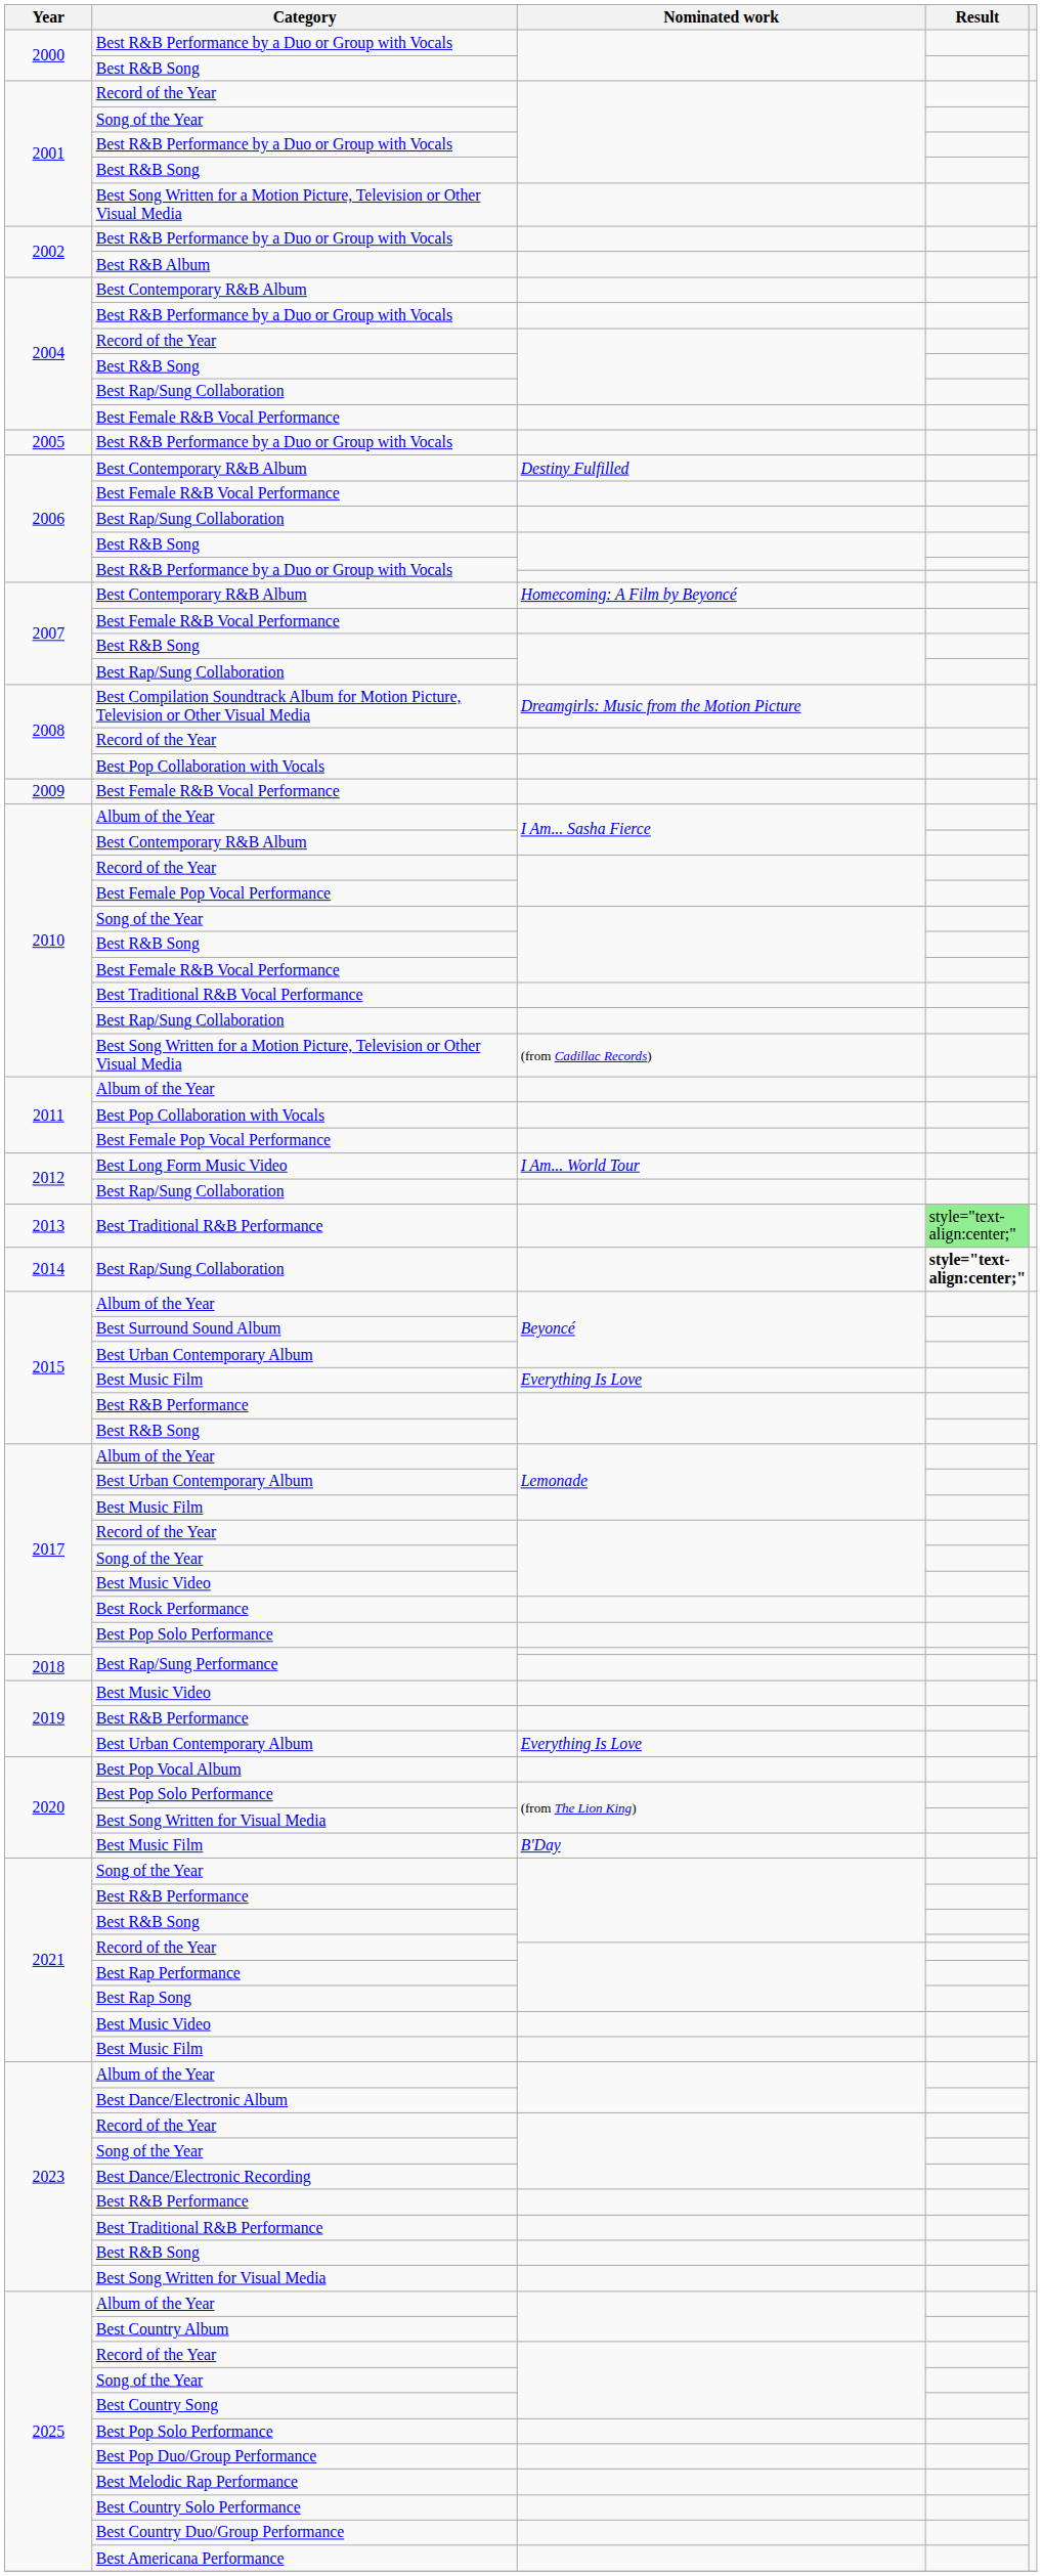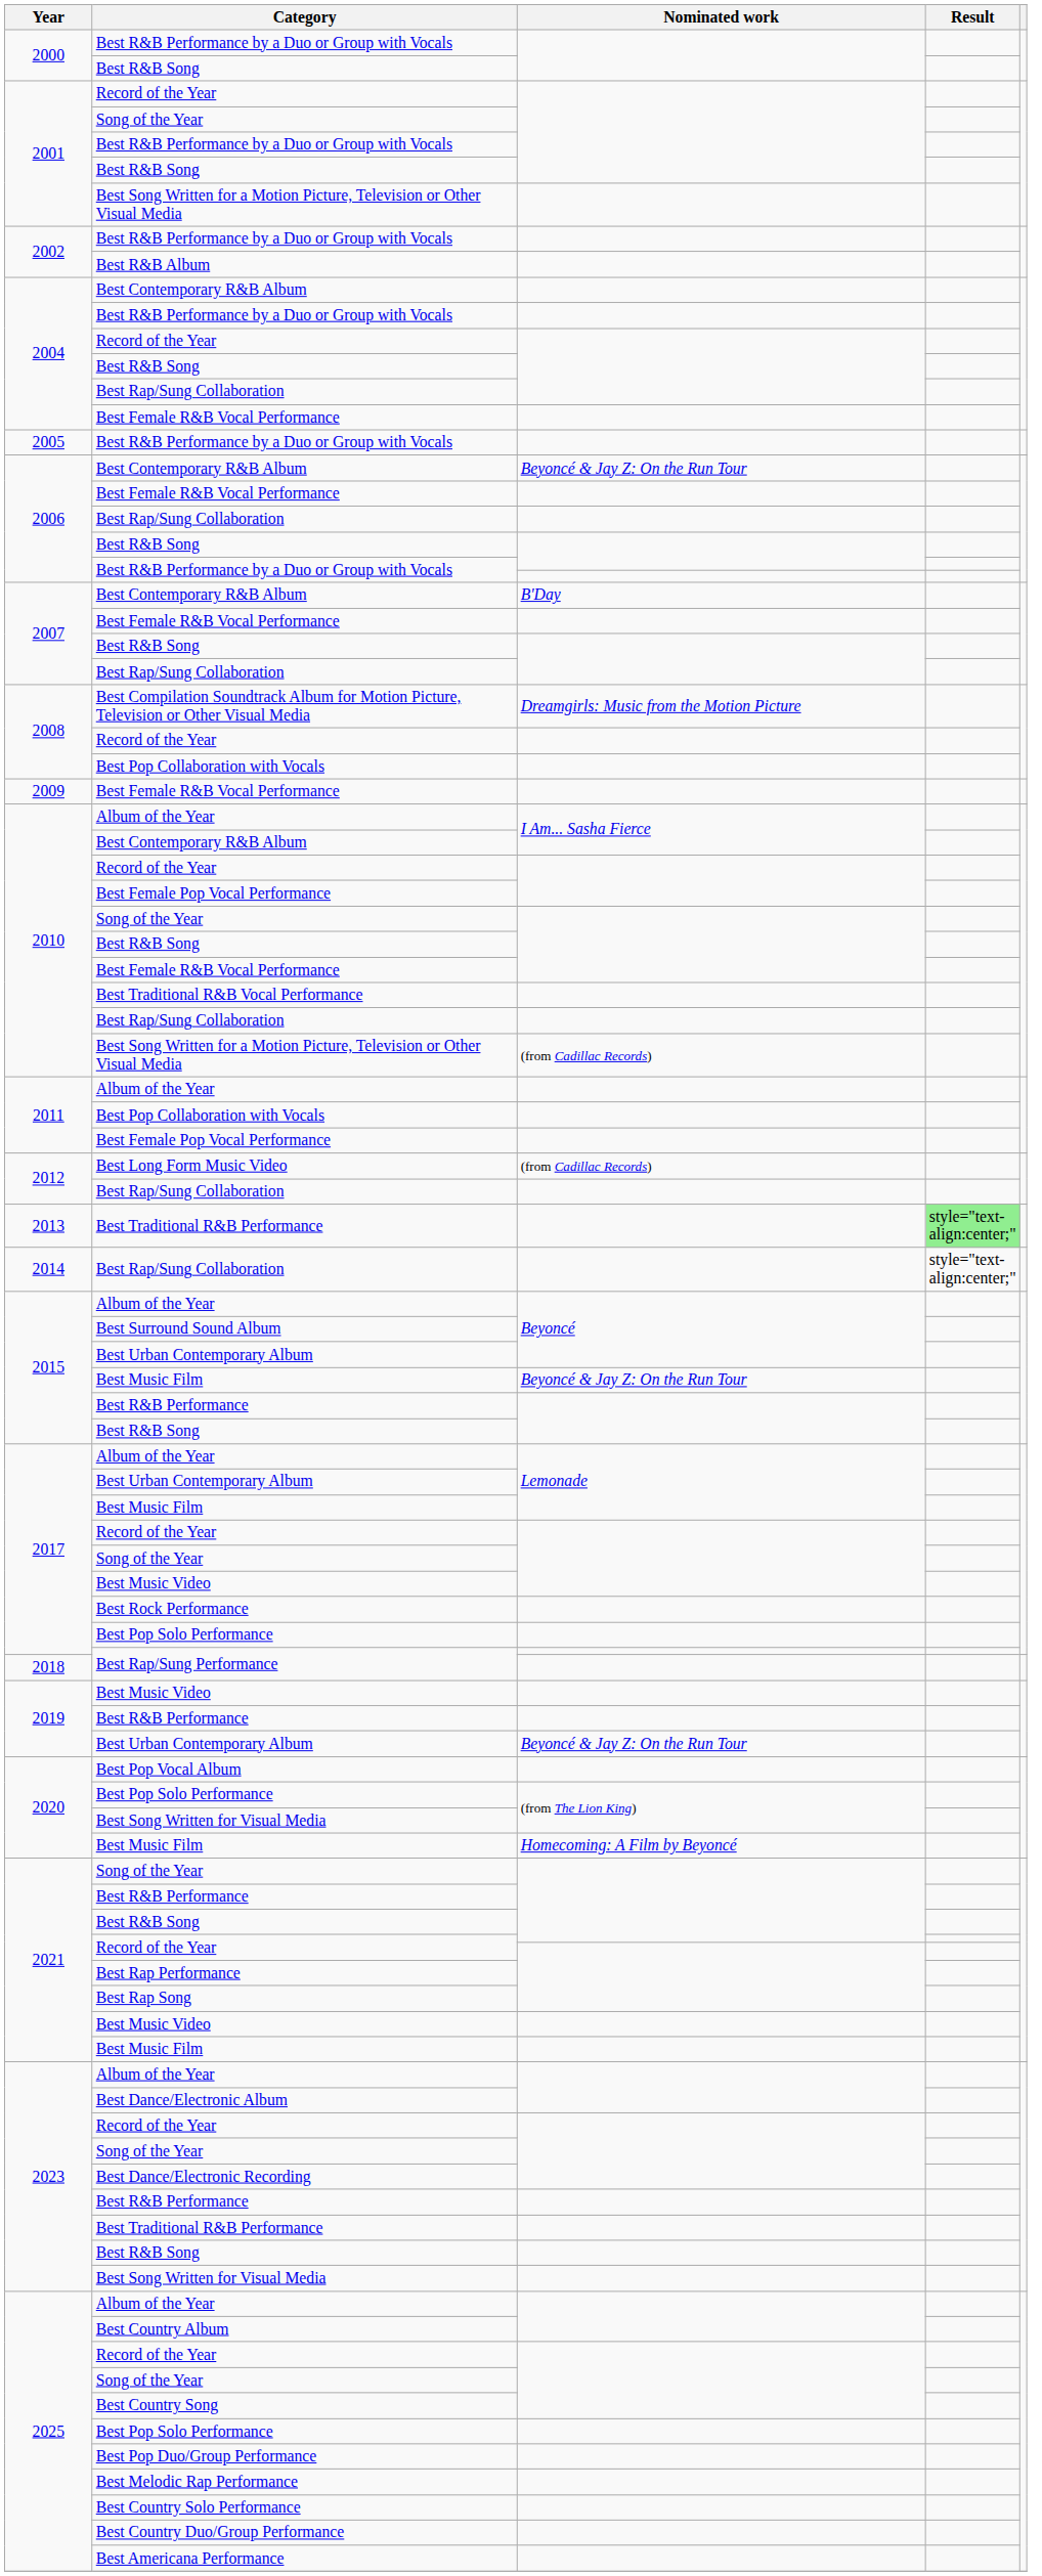 <table class="wikitable sortable plainrowheaders">
 <tr>
 <th scope="col" style="width:5em;">Year</th>
 <th scope="col" style="width:26em;">Category</th>
 <th scope="col" style="width:25em;">Nominated work</th>
 <th scope="col" style="width:5em;">Result</th>
 <th scope="col" class="unsortable"></th>
 </tr>
 <tr>
 <td style="text-align:center;" rowspan="2"><a href='#'>2000</a></td>
 <td><a href='#'>Best R&B Performance by a Duo or Group with Vocals</a></td>
 <td rowspan="2"></td>
 <td></td>
 <td rowspan="2" style="text-align:center;"></td>
 </tr>
 <tr>
 <td><a href='#'>Best R&B Song</a></td>
 <td></td>
 </tr>
 <tr>
 <td style="text-align:center;" rowspan="5"><a href='#'>2001</a></td>
 <td><a href='#'>Record of the Year</a></td>
 <td rowspan="4"></td>
 <td></td>
 <td rowspan="5" style="text-align:center;"></td>
 </tr>
 <tr>
 <td><a href='#'>Song of the Year</a></td>
 <td></td>
 </tr>
 <tr>
 <td><a href='#'>Best R&B Performance by a Duo or Group with Vocals</a></td>
 <td></td>
 </tr>
 <tr>
 <td><a href='#'>Best R&B Song</a></td>
 <td></td>
 </tr>
 <tr>
 <td><a href='#'>Best Song Written for a Motion Picture, Television or Other Visual Media</a></td>
 <td></td>
 <td></td>
 </tr>
 <tr>
 <td rowspan="2" style="text-align:center;"><a href='#'>2002</a></td>
 <td><a href='#'>Best R&B Performance by a Duo or Group with Vocals</a></td>
 <td></td>
 <td></td>
 <td rowspan="2" style="text-align:center;"></td>
 </tr>
 <tr>
 <td><a href='#'>Best R&B Album</a></td>
 <td></td>
 <td></td>
 </tr>
 <tr>
 <td rowspan="6" style="text-align:center;"><a href='#'>2004</a></td>
 <td><a href='#'>Best Contemporary R&B Album</a></td>
 <td></td>
 <td></td>
 <td rowspan="6" style="text-align:center;"></td>
 </tr>
 <tr>
 <td><a href='#'>Best R&B Performance by a Duo or Group with Vocals</a></td>
 <td> </td>
 <td></td>
 </tr>
 <tr>
 <td><a href='#'>Record of the Year</a></td>
 <td rowspan="3"> </td>
 <td></td>
 </tr>
 <tr>
 <td><a href='#'>Best R&B Song</a></td>
 <td></td>
 </tr>
 <tr>
 <td><a href='#'>Best Rap/Sung Collaboration</a></td>
 <td></td>
 </tr>
 <tr>
 <td><a href='#'>Best Female R&B Vocal Performance</a></td>
 <td></td>
 <td></td>
 </tr>
 <tr>
 <td style="text-align:center;"><a href='#'>2005</a></td>
 <td><a href='#'>Best R&B Performance by a Duo or Group with Vocals</a></td>
 <td></td>
 <td></td>
 <td style="text-align:center;"></td>
 </tr>
 <tr>
 <td rowspan="6" style="text-align:center;"><a href='#'>2006</a></td>
 <td><a href='#'>Best Contemporary R&B Album</a></td>
-<td><em><a href='#'>Destiny Fulfilled</a></em></td>
+<td><em><a href='#'>Beyoncé & Jay Z: On the Run Tour</a></em></td>
 <td></td>
 <td rowspan="6" style="text-align:center;"></td>
 </tr>
 <tr>
 <td><a href='#'>Best Female R&B Vocal Performance</a></td>
 <td></td>
 <td></td>
 </tr>
 <tr>
 <td><a href='#'>Best Rap/Sung Collaboration</a></td>
 <td> </td>
 <td></td>
 </tr>
 <tr>
 <td><a href='#'>Best R&B Song</a></td>
 <td rowspan="2"></td>
 <td></td>
 </tr>
 <tr>
 <td rowspan=2><a href='#'>Best R&B Performance by a Duo or Group with Vocals</a></td>
 <td></td>
 </tr>
 <tr>
 <td> </td>
 <td></td>
 </tr>
 <tr>
 <td rowspan="4" style="text-align:center;"><a href='#'>2007</a></td>
 <td><a href='#'>Best Contemporary R&B Album</a></td>
-<td><em><a href='#'>Homecoming: A Film by Beyoncé</a></em></td>
+<td><em><a href='#'>B'Day</a></em></td>
 <td></td>
 <td rowspan="4" style="text-align:center;"></td>
 </tr>
 <tr>
 <td><a href='#'>Best Female R&B Vocal Performance</a></td>
 <td></td>
 <td></td>
 </tr>
 <tr>
 <td><a href='#'>Best R&B Song</a></td>
 <td rowspan="2"> </td>
 <td></td>
 </tr>
 <tr>
 <td><a href='#'>Best Rap/Sung Collaboration</a></td>
 <td></td>
 </tr>
 <tr>
 <td rowspan="3" style="text-align:center;"><a href='#'>2008</a></td>
 <td><a href='#'>Best Compilation Soundtrack Album for Motion Picture, Television or Other Visual Media</a></td>
 <td><em><a href='#'>Dreamgirls: Music from the Motion Picture</a></em></td>
 <td></td>
 <td rowspan="3" style="text-align:center;"></td>
 </tr>
 <tr>
 <td><a href='#'>Record of the Year</a></td>
 <td></td>
 <td></td>
 </tr>
 <tr>
 <td><a href='#'>Best Pop Collaboration with Vocals</a></td>
 <td> </td>
 <td></td>
 </tr>
 <tr>
 <td style="text-align:center;"><a href='#'>2009</a></td>
 <td><a href='#'>Best Female R&B Vocal Performance</a></td>
 <td> </td>
 <td></td>
 <td style="text-align:center;"></td>
 </tr>
 <tr>
 <td rowspan="10" style="text-align:center;"><a href='#'>2010</a></td>
 <td><a href='#'>Album of the Year</a></td>
 <td rowspan="2"><em><a href='#'>I Am... Sasha Fierce</a></em></td>
 <td></td>
 <td rowspan="10" style="text-align:center;"></td>
 </tr>
 <tr>
 <td><a href='#'>Best Contemporary R&B Album</a></td>
 <td></td>
 </tr>
 <tr>
 <td><a href='#'>Record of the Year</a></td>
 <td rowspan="2"></td>
 <td></td>
 </tr>
 <tr>
 <td><a href='#'>Best Female Pop Vocal Performance</a></td>
 <td></td>
 </tr>
 <tr>
 <td><a href='#'>Song of the Year</a></td>
 <td rowspan="3"></td>
 <td></td>
 </tr>
 <tr>
 <td><a href='#'>Best R&B Song</a></td>
 <td></td>
 </tr>
 <tr>
 <td><a href='#'>Best Female R&B Vocal Performance</a></td>
 <td></td>
 </tr>
 <tr>
 <td><a href='#'>Best Traditional R&B Vocal Performance</a></td>
 <td></td>
 <td></td>
 </tr>
 <tr>
 <td><a href='#'>Best Rap/Sung Collaboration</a></td>
 <td> </td>
 <td></td>
 </tr>
 <tr>
 <td><a href='#'>Best Song Written for a Motion Picture, Television or Other Visual Media</a></td>
 <td> <small>(from <em><a href='#'>Cadillac Records</a></em>)</small></td>
 <td></td>
 </tr>
 <tr>
 <td rowspan="3" style="text-align:center;"><a href='#'>2011</a></td>
 <td><a href='#'>Album of the Year</a></td>
 <td> </td>
 <td></td>
 <td rowspan="3" style="text-align:center;"></td>
 </tr>
 <tr>
 <td><a href='#'>Best Pop Collaboration with Vocals</a></td>
 <td> </td>
 <td></td>
 </tr>
 <tr>
 <td><a href='#'>Best Female Pop Vocal Performance</a></td>
 <td> </td>
 <td></td>
 </tr>
 <tr>
 <td rowspan="2" style="text-align:center;"><a href='#'>2012</a></td>
 <td><a href='#'>Best Long Form Music Video</a></td>
-<td><em><a href='#'>I Am... World Tour</a></em></td>
+<td> <small>(from <em><a href='#'>Cadillac Records</a></em>)</small></td>
 <td></td>
 <td rowspan="2" style="text-align:center;"></td>
 </tr>
 <tr>
 <td><a href='#'>Best Rap/Sung Collaboration</a></td>
 <td> </td>
 <td></td>
 </tr>
 <tr>
 <td style="text-align:center;"><a href='#'>2013</a></td>
 <td><a href='#'>Best Traditional R&B Performance</a></td>
 <td></td>
 <td style="background: lightgreen;">style="text-align:center;" </td>
 <td style="text-align:center;"></td>
 </tr>
 <tr>
 <td style="text-align:center;"><a href='#'>2014</a></td>
 <td><a href='#'>Best Rap/Sung Collaboration</a></td>
 <td> </td>
-<td><strong>style="text-align:center;" </strong></td>
+<td>style="text-align:center;" </td>
 <td style="text-align:center;"></td>
 </tr>
 <tr>
 <td rowspan="6" style="text-align:center;"><a href='#'>2015</a></td>
 <td><a href='#'>Album of the Year</a></td>
 <td rowspan="3"><em><a href='#'>Beyoncé</a></em></td>
 <td></td>
 <td rowspan="6" style="text-align:center;"></td>
 </tr>
 <tr>
 <td><a href='#'>Best Surround Sound Album</a></td>
 <td></td>
 </tr>
 <tr>
 <td><a href='#'>Best Urban Contemporary Album</a></td>
 <td></td>
 </tr>
 <tr>
 <td><a href='#'>Best Music Film</a></td>
-<td><em><a href='#'>Everything Is Love</a></em></td>
+<td><em><a href='#'>Beyoncé & Jay Z: On the Run Tour</a></em></td>
 <td></td>
 </tr>
 <tr>
 <td><a href='#'>Best R&B Performance</a></td>
 <td rowspan="2"> </td>
 <td></td>
 </tr>
 <tr>
 <td><a href='#'>Best R&B Song</a></td>
 <td></td>
 </tr>
 <tr>
 <td rowspan="9" style="text-align:center;"><a href='#'>2017</a></td>
 <td><a href='#'>Album of the Year</a></td>
 <td rowspan="3"><em><a href='#'>Lemonade</a></em></td>
 <td></td>
 <td rowspan="9" style="text-align:center;"></td>
 </tr>
 <tr>
 <td><a href='#'>Best Urban Contemporary Album</a></td>
 <td></td>
 </tr>
 <tr>
 <td><a href='#'>Best Music Film</a></td>
 <td></td>
 </tr>
 <tr>
 <td><a href='#'>Record of the Year</a></td>
 <td rowspan="3"></td>
 <td></td>
 </tr>
 <tr>
 <td><a href='#'>Song of the Year</a></td>
 <td></td>
 </tr>
 <tr>
 <td><a href='#'>Best Music Video</a></td>
 <td></td>
 </tr>
 <tr>
 <td><a href='#'>Best Rock Performance</a></td>
 <td> </td>
 <td></td>
 </tr>
 <tr>
 <td><a href='#'>Best Pop Solo Performance</a></td>
 <td></td>
 <td></td>
 </tr>
 <tr>
 <td rowspan="2"><a href='#'>Best Rap/Sung Performance</a></td>
 <td> </td>
 <td></td>
 </tr>
 <tr>
 <td style="text-align:center;"><a href='#'>2018</a></td>
 <td> </td>
 <td></td>
 <td style="text-align:center;"></td>
 </tr>
 <tr>
 <td rowspan="3" style="text-align:center;"><a href='#'>2019</a></td>
 <td><a href='#'>Best Music Video</a></td>
 <td> </td>
 <td></td>
 <td rowspan="3" style="text-align:center;"></td>
 </tr>
 <tr>
 <td><a href='#'>Best R&B Performance</a></td>
 <td></td>
 <td></td>
 </tr>
 <tr>
 <td><a href='#'>Best Urban Contemporary Album</a></td>
-<td><em><a href='#'>Everything Is Love</a></em></td>
+<td><em><a href='#'>Beyoncé & Jay Z: On the Run Tour</a></em></td>
 <td></td>
 </tr>
 <tr>
 <td rowspan="4" style="text-align:center;"><a href='#'>2020</a></td>
 <td><a href='#'>Best Pop Vocal Album</a></td>
 <td></td>
 <td></td>
 <td rowspan="4" style="text-align:center;"></td>
 </tr>
 <tr>
 <td><a href='#'>Best Pop Solo Performance</a></td>
 <td rowspan="2"> <small>(from <em><a href='#'>The Lion King</a></em>)</small></td>
 <td></td>
 </tr>
 <tr>
 <td><a href='#'>Best Song Written for Visual Media</a></td>
 <td></td>
 </tr>
 <tr>
 <td><a href='#'>Best Music Film</a></td>
-<td><em><a href='#'>B'Day</a></em></td>
+<td><em><a href='#'>Homecoming: A Film by Beyoncé</a></em></td>
 <td></td>
 </tr>
 <tr>
 <td rowspan="9" style="text-align:center;"><a href='#'>2021</a></td>
 <td><a href='#'>Song of the Year</a></td>
 <td rowspan="4"></td>
 <td></td>
 <td rowspan="9" style="text-align:center;"></td>
 </tr>
 <tr>
 <td><a href='#'>Best R&B Performance</a></td>
 <td></td>
 </tr>
 <tr>
 <td><a href='#'>Best R&B Song</a></td>
 <td></td>
 </tr>
 <tr>
 <td rowspan="2"><a href='#'>Record of the Year</a></td>
 <td></td>
 </tr>
 <tr>
 <td rowspan="3"></td>
 <td></td>
 </tr>
 <tr>
 <td><a href='#'>Best Rap Performance</a></td>
 <td></td>
 </tr>
 <tr>
 <td><a href='#'>Best Rap Song</a></td>
 <td></td>
 </tr>
 <tr>
 <td><a href='#'>Best Music Video</a></td>
 <td> </td>
 <td></td>
 </tr>
 <tr>
 <td><a href='#'>Best Music Film</a></td>
 <td></td>
 <td></td>
 </tr>
 <tr>
 <td rowspan="9" style="text-align:center;"><a href='#'>2023</a></td>
 <td><a href='#'>Album of the Year</a></td>
 <td rowspan="2"></td>
 <td></td>
 <td rowspan="9" style="text-align:center;"></td>
 </tr>
 <tr>
 <td><a href='#'>Best Dance/Electronic Album</a></td>
 <td></td>
 </tr>
 <tr>
 <td><a href='#'>Record of the Year</a></td>
 <td rowspan="3"></td>
 <td></td>
 </tr>
 <tr>
 <td><a href='#'>Song of the Year</a></td>
 <td></td>
 </tr>
 <tr>
 <td><a href='#'>Best Dance/Electronic Recording</a></td>
 <td></td>
 </tr>
 <tr>
 <td><a href='#'>Best R&B Performance</a></td>
 <td></td>
 <td></td>
 </tr>
 <tr>
 <td><a href='#'>Best Traditional R&B Performance</a></td>
 <td></td>
 <td></td>
 </tr>
 <tr>
 <td><a href='#'>Best R&B Song</a></td>
 <td></td>
 <td></td>
 </tr>
 <tr>
 <td><a href='#'>Best Song Written for Visual Media</a></td>
 <td></td>
 <td></td>
 </tr>
 <tr>
 <td rowspan="11" style="text-align:center;"><a href='#'>2025</a></td>
 <td><a href='#'>Album of the Year</a></td>
 <td rowspan="2"></td>
 <td></td>
 <td rowspan="11" style="text-align:center;"></td>
 </tr>
 <tr>
 <td><a href='#'>Best Country Album</a></td>
 <td></td>
 </tr>
 <tr>
 <td><a href='#'>Record of the Year</a></td>
 <td rowspan="3"></td>
 <td></td>
 </tr>
 <tr>
 <td><a href='#'>Song of the Year</a></td>
 <td></td>
 </tr>
 <tr>
 <td><a href='#'>Best Country Song</a></td>
 <td></td>
 </tr>
 <tr>
 <td><a href='#'>Best Pop Solo Performance</a></td>
 <td></td>
 <td></td>
 </tr>
 <tr>
 <td><a href='#'>Best Pop Duo/Group Performance</a></td>
 <td></td>
 <td></td>
 </tr>
 <tr>
 <td><a href='#'>Best Melodic Rap Performance</a></td>
 <td></td>
 <td></td>
 </tr>
 <tr>
 <td><a href='#'>Best Country Solo Performance</a></td>
 <td></td>
 <td></td>
 </tr>
 <tr>
 <td><a href='#'>Best Country Duo/Group Performance</a></td>
 <td></td>
 <td></td>
 </tr>
 <tr>
 <td><a href='#'>Best Americana Performance</a></td>
 <td></td>
 <td></td>
 </tr>
 <tr>
 </tr>
 </table>
